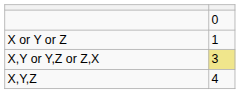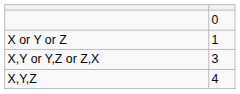 <table class="wikitable" style="float:right; width:300px">
 <tr>
 <th></th>
 <th></th>
 </tr>
 <tr>
 <td></td>
 <td>0</td>
 </tr>
 <tr>
 <td>X or Y or Z</td>
 <td>1</td>
 </tr>
 <tr>
 <td>X,Y or Y,Z or Z,X</td>
-<td style="background: khaki;">3</td>
+<td>3</td>
 </tr>
 <tr>
 <td>X,Y,Z</td>
 <td>4</td>
 </tr>
 </table>
